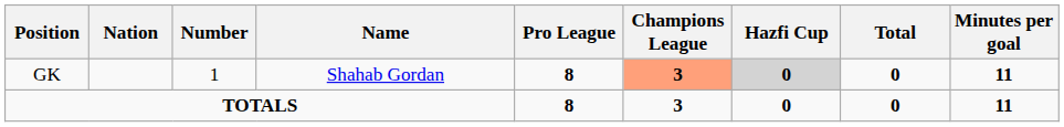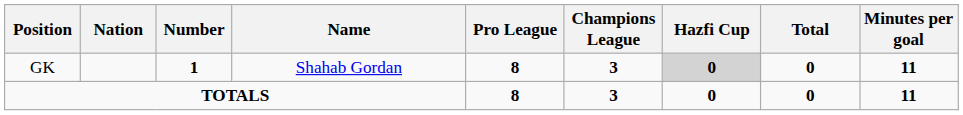 <table class="wikitable" style="font-size: 95%; text-align: center;">
 <tr>
 <th width=60>Position</th>
 <th width=60>Nation</th>
 <th width=60>Number</th>
 <th width=200>Name</th>
 <th width=80>Pro League</th>
 <th width=80>Champions League</th>
 <th width=80>Hazfi Cup</th>
 <th width=80>Total</th>
 <th width=80>Minutes per goal</th>
 </tr>
 <tr>
 <td>GK</td>
 <td></td>
-<td>1</td>
+<td><strong>1</strong></td>
 <td><a href='#'>Shahab Gordan</a></td>
 <td><strong>8</strong></td>
-<td style="background: lightsalmon;"><strong>3</strong></td>
+<td><strong>3</strong></td>
 <td style="background: lightgrey;"><strong>0</strong></td>
 <td><strong>0</strong></td>
 <td><strong>11</strong></td>
 </tr>
 <tr>
 <td colspan="4"><strong>TOTALS</strong></td>
 <td><strong>8</strong></td>
 <td><strong>3</strong></td>
 <td><strong>0</strong></td>
 <td><strong>0</strong></td>
 <td><strong>11</strong></td>
 </tr>
 </table>
